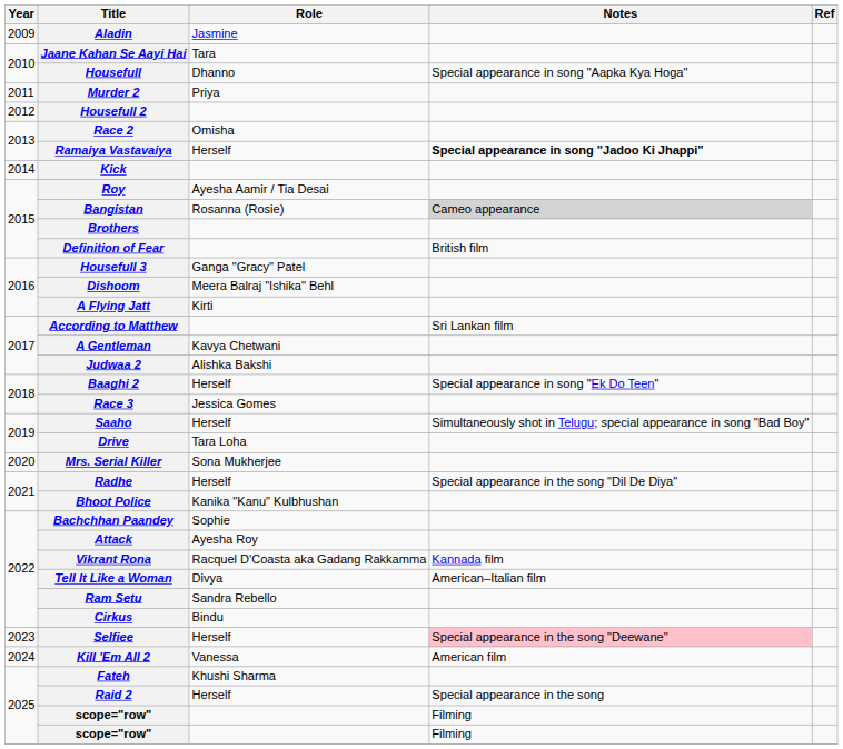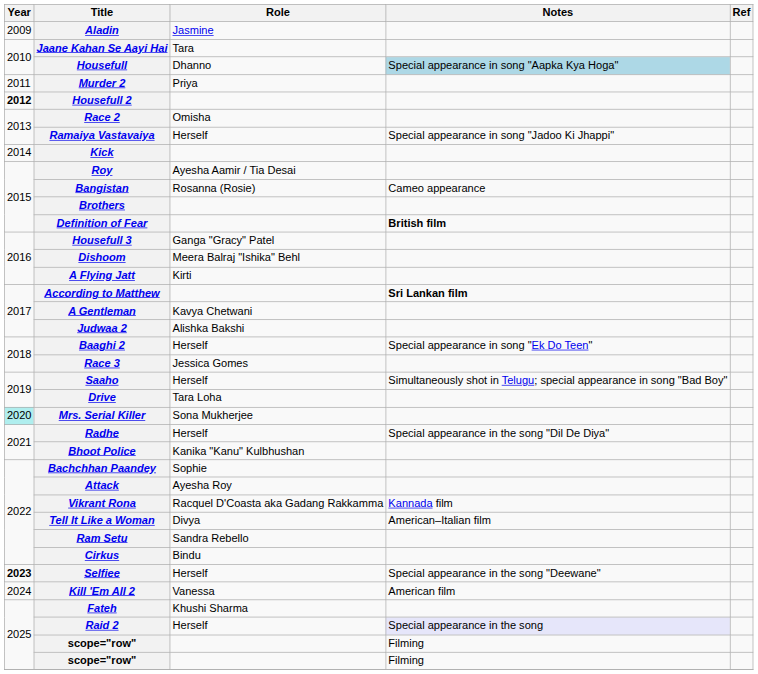 <table class="wikitable sortable plainrowheaders">
 <tr style="background:#ccc; text-align:center;">
 <th scope="col">Year</th>
 <th scope="col">Title</th>
 <th scope="col">Role</th>
 <th scope="col" class="unsortable">Notes</th>
 <th scope="col" class="unsortable">Ref</th>
 </tr>
 <tr>
 <td>2009</td>
 <th scope="row"><em><a href='#'>Aladin</a></em></th>
 <td><a href='#'>Jasmine</a></td>
 <td></td>
 <td></td>
 </tr>
 <tr>
 <td rowspan="2">2010</td>
 <th scope="row"><em><a href='#'>Jaane Kahan Se Aayi Hai</a></em></th>
 <td>Tara</td>
 <td></td>
 <td></td>
 </tr>
 <tr>
 <th scope="row"><em><a href='#'>Housefull</a></em></th>
 <td>Dhanno</td>
-<td>Special appearance in song "Aapka Kya Hoga"</td>
+<td style="background: lightblue;">Special appearance in song "Aapka Kya Hoga"</td>
 <td></td>
 </tr>
 <tr>
 <td>2011</td>
 <th scope="row"><em><a href='#'>Murder 2</a></em></th>
 <td>Priya</td>
 <td></td>
 <td></td>
 </tr>
 <tr>
-<td>2012</td>
+<td><strong>2012</strong></td>
 <th scope="row"><em><a href='#'>Housefull 2</a></em></th>
 <td></td>
 <td></td>
 <td></td>
 </tr>
 <tr>
 <td rowspan="2">2013</td>
 <th scope="row"><em><a href='#'>Race 2</a></em></th>
 <td>Omisha</td>
 <td></td>
 <td></td>
 </tr>
 <tr>
 <th scope="row"><em><a href='#'>Ramaiya Vastavaiya</a></em></th>
 <td>Herself</td>
-<td><strong>Special appearance in song "Jadoo Ki Jhappi"</strong></td>
+<td>Special appearance in song "Jadoo Ki Jhappi"</td>
 <td></td>
 </tr>
 <tr>
 <td>2014</td>
 <th scope="row"><em><a href='#'>Kick</a></em></th>
 <td></td>
 <td></td>
 <td></td>
 </tr>
 <tr>
 <td rowspan="4">2015</td>
 <th scope="row"><em><a href='#'>Roy</a></em></th>
 <td>Ayesha Aamir / Tia Desai</td>
 <td></td>
 <td></td>
 </tr>
 <tr>
 <th scope="row"><em><a href='#'>Bangistan</a></em></th>
 <td>Rosanna (Rosie)</td>
-<td style="background: lightgrey;">Cameo appearance</td>
+<td>Cameo appearance</td>
 <td></td>
 </tr>
 <tr>
 <th scope="row"><em><a href='#'>Brothers</a></em></th>
 <td></td>
 <td></td>
 <td></td>
 </tr>
 <tr>
 <th scope="row"><em><a href='#'>Definition of Fear</a></em></th>
 <td></td>
-<td>British film</td>
+<td><strong>British film</strong></td>
 <td></td>
 </tr>
 <tr>
 <td rowspan="3">2016</td>
 <th scope="row"><em><a href='#'>Housefull 3</a></em></th>
 <td>Ganga "Gracy" Patel</td>
 <td></td>
 <td></td>
 </tr>
 <tr>
 <th scope="row"><em><a href='#'>Dishoom</a></em></th>
 <td>Meera Balraj "Ishika" Behl</td>
 <td></td>
 <td></td>
 </tr>
 <tr>
 <th scope="row"><em><a href='#'>A Flying Jatt</a></em></th>
 <td>Kirti</td>
 <td></td>
 <td></td>
 </tr>
 <tr>
 <td rowspan="3">2017</td>
 <th scope="row"><em><a href='#'>According to Matthew</a></em></th>
 <td></td>
-<td>Sri Lankan film</td>
+<td><strong>Sri Lankan film</strong></td>
 <td></td>
 </tr>
 <tr>
 <th scope="row"><em><a href='#'>A Gentleman</a></em></th>
 <td>Kavya Chetwani</td>
 <td></td>
 <td></td>
 </tr>
 <tr>
 <th scope="row"><em><a href='#'>Judwaa 2</a></em></th>
 <td>Alishka Bakshi</td>
 <td></td>
 <td></td>
 </tr>
 <tr>
 <td rowspan=2>2018</td>
 <th scope="row"><em><a href='#'>Baaghi 2</a></em></th>
 <td>Herself</td>
 <td>Special appearance in song "<a href='#'>Ek Do Teen</a>"</td>
 <td></td>
 </tr>
 <tr>
 <th scope="row"><em><a href='#'>Race 3</a></em></th>
 <td>Jessica Gomes</td>
 <td></td>
 <td></td>
 </tr>
 <tr>
 <td rowspan=2>2019</td>
 <th scope="row"><em><a href='#'>Saaho</a></em></th>
 <td>Herself</td>
 <td>Simultaneously shot in <a href='#'>Telugu</a>; special appearance in song "Bad Boy"</td>
 <td></td>
 </tr>
 <tr>
 <th scope="row"><em><a href='#'>Drive</a></em></th>
 <td>Tara Loha</td>
 <td></td>
 <td></td>
 </tr>
 <tr>
-<td>2020</td>
+<td style="background: paleturquoise;">2020</td>
 <th scope="row"><em><a href='#'>Mrs. Serial Killer</a></em></th>
 <td>Sona Mukherjee</td>
 <td></td>
 <td></td>
 </tr>
 <tr>
 <td rowspan="2">2021</td>
 <th scope="row"><em><a href='#'>Radhe</a></em></th>
 <td>Herself</td>
 <td>Special appearance in the song "Dil De Diya"</td>
 <td></td>
 </tr>
 <tr>
 <th scope="row"><em><a href='#'>Bhoot Police</a></em></th>
 <td>Kanika "Kanu" Kulbhushan</td>
 <td></td>
 <td></td>
 </tr>
 <tr>
 <td rowspan="6">2022</td>
 <th scope="row"><em><a href='#'>Bachchhan Paandey</a></em></th>
 <td>Sophie</td>
 <td></td>
 <td></td>
 </tr>
 <tr>
 <th scope="row"><em><a href='#'>Attack</a></em></th>
 <td>Ayesha Roy</td>
 <td></td>
 <td></td>
 </tr>
 <tr>
 <th scope="row"><em><a href='#'>Vikrant Rona</a></em></th>
 <td>Racquel D'Coasta aka Gadang Rakkamma</td>
 <td><a href='#'>Kannada</a> film</td>
 <td></td>
 </tr>
 <tr>
 <th scope="row"><em><a href='#'>Tell It Like a Woman</a></em></th>
 <td>Divya</td>
 <td>American–Italian film</td>
 <td></td>
 </tr>
 <tr>
 <th scope="row"><em><a href='#'>Ram Setu</a></em></th>
 <td>Sandra Rebello</td>
 <td></td>
 <td></td>
 </tr>
 <tr>
 <th scope="row"><em><a href='#'>Cirkus</a></em></th>
 <td>Bindu</td>
 <td></td>
 <td></td>
 </tr>
 <tr>
-<td>2023</td>
+<td><strong>2023</strong></td>
 <th scope="row"><em><a href='#'>Selfiee</a></em></th>
 <td>Herself</td>
-<td style="background: pink;">Special appearance in the song "Deewane"</td>
+<td>Special appearance in the song "Deewane"</td>
 <td></td>
 </tr>
 <tr>
 <td>2024</td>
 <th scope="row"><em><a href='#'>Kill 'Em All 2</a></em></th>
 <td>Vanessa</td>
 <td>American film</td>
 <td></td>
 </tr>
 <tr>
 <td rowspan="4">2025</td>
 <th scope="row"><em><a href='#'>Fateh</a></em></th>
 <td>Khushi Sharma</td>
 <td></td>
 <td></td>
 </tr>
 <tr>
 <th scope="row"><em><a href='#'>Raid 2</a></em></th>
 <td>Herself</td>
-<td>Special appearance in the song</td>
+<td style="background: lavender;">Special appearance in the song</td>
 <td></td>
 </tr>
 <tr>
 <th>scope="row"</th>
 <td></td>
 <td>Filming</td>
 <td></td>
 </tr>
 <tr>
 <th>scope="row"</th>
 <td></td>
 <td>Filming</td>
 <td></td>
 </tr>
 <tr>
 </tr>
 </table>
